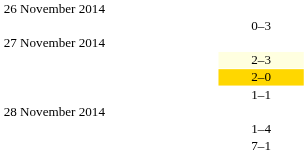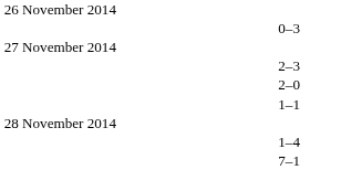 <table style="width:50%;" cellspacing="1">
 <tr>
 <th width=25%></th>
 <th width=10%></th>
 <th width=25%></th>
 </tr>
 <tr>
 <td>26 November 2014</td>
 </tr>
 <tr>
 <td align=right></td>
 <td align=center>0–3</td>
 <td></td>
 </tr>
 <tr>
 <td>27 November 2014</td>
 </tr>
 <tr>
 <td align=right></td>
-<td align=center style="background: lightyellow;">2–3</td>
+<td align=center>2–3</td>
 <td></td>
 </tr>
 <tr>
 <td align=right></td>
-<td align=center style="background: gold;">2–0</td>
+<td align=center>2–0</td>
 <td></td>
 </tr>
 <tr>
 <td align=right></td>
 <td align=center>1–1</td>
 <td></td>
 </tr>
 <tr>
 <td>28 November 2014</td>
 </tr>
 <tr>
 <td align=right></td>
 <td align=center>1–4</td>
 <td></td>
 </tr>
 <tr>
 <td align=right></td>
 <td align=center>7–1</td>
 <td></td>
 </tr>
 </table>
